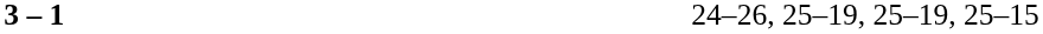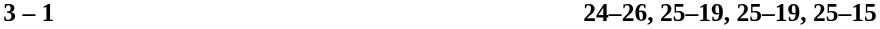 <table width=100% cellspacing=1>
 <tr>
 <th width=20%></th>
 <th width=12%></th>
 <th width=20%></th>
 <th width=33%></th>
 <td></td>
 </tr>
 <tr style=font-size:95%>
 <td align=right><strong></strong></td>
 <td align=center><strong>3 – 1</strong></td>
 <td></td>
-<td>24–26, 25–19, 25–19, 25–15</td>
+<td><strong>24–26, 25–19, 25–19, 25–15</strong></td>
 </tr>
 </table>
